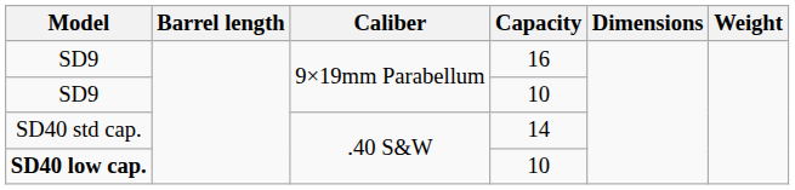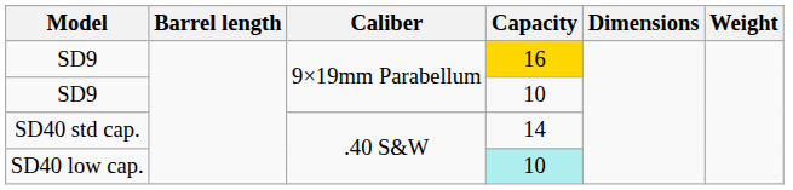 <table class="wikitable" style="text-align: center;">
 <tr>
 <th scope="col">Model</th>
 <th scope="col">Barrel length</th>
 <th scope="col">Caliber</th>
 <th scope="col">Capacity</th>
 <th scope="col">Dimensions</th>
 <th scope="col">Weight</th>
 </tr>
 <tr>
 <td>SD9 </td>
 <td rowspan="4"></td>
 <td rowspan="2">9×19mm Parabellum</td>
-<td>16</td>
+<td style="background: gold;">16</td>
 <td rowspan="4"></td>
 <td rowspan="4"></td>
 </tr>
 <tr>
 <td>SD9 </td>
 <td>10</td>
 </tr>
 <tr>
 <td>SD40 std cap.</td>
 <td rowspan="2">.40 S&W</td>
 <td>14</td>
 </tr>
 <tr>
-<td><strong>SD40 low cap.</strong></td>
-<td>10</td>
+<td>SD40 low cap.</td>
+<td style="background: paleturquoise;">10</td>
 </tr>
 </table>
